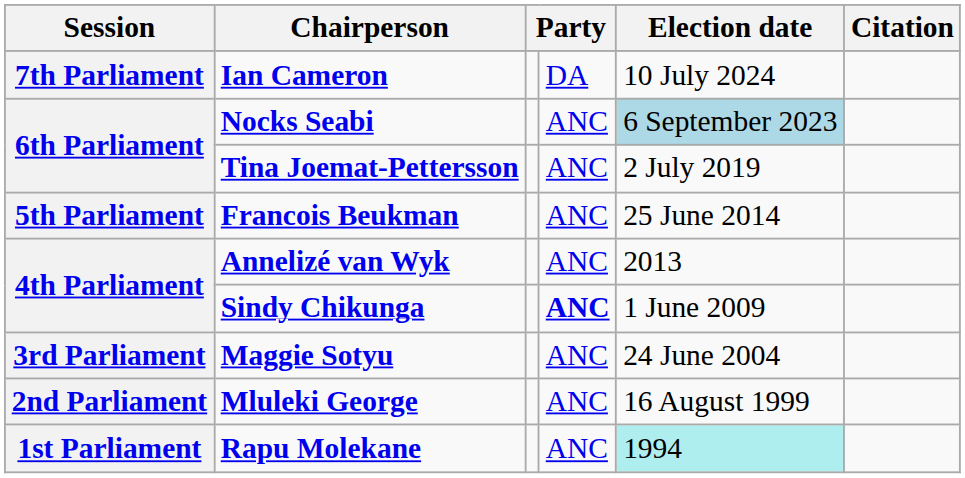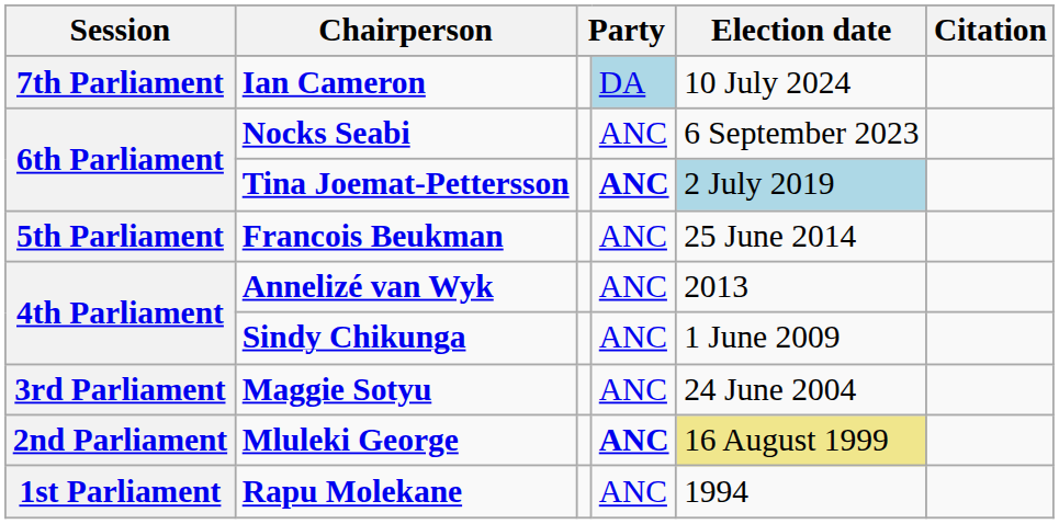 <table class="wikitable">
 <tr>
 <th>Session</th>
 <th>Chairperson</th>
 <th colspan="2">Party</th>
 <th>Election date</th>
 <th>Citation</th>
 </tr>
 <tr>
 <th><a href='#'>7th Parliament</a></th>
 <td><a href='#'><strong>Ian Cameron</strong></a></td>
 <td></td>
-<td><a href='#'>DA</a></td>
+<td style="background: lightblue;"><a href='#'>DA</a></td>
 <td>10 July 2024</td>
 <td></td>
 </tr>
 <tr>
 <th rowspan="2"><a href='#'>6th Parliament</a></th>
 <td><strong><a href='#'>Nocks Seabi</a></strong></td>
 <td></td>
 <td><a href='#'>ANC</a></td>
-<td style="background: lightblue;">6 September 2023</td>
+<td>6 September 2023</td>
 <td></td>
 </tr>
 <tr>
 <td><strong><a href='#'>Tina Joemat-Pettersson</a></strong></td>
 <td></td>
-<td><a href='#'>ANC</a></td>
-<td>2 July 2019</td>
+<td><strong><a href='#'>ANC</a></strong></td>
+<td style="background: lightblue;">2 July 2019</td>
 <td></td>
 </tr>
 <tr>
 <th><a href='#'>5th Parliament</a></th>
 <td><strong><a href='#'>Francois Beukman</a></strong></td>
 <td></td>
 <td><a href='#'>ANC</a></td>
 <td>25 June 2014</td>
 <td></td>
 </tr>
 <tr>
 <th rowspan="2"><a href='#'>4th Parliament</a></th>
 <td><strong><a href='#'>Annelizé van Wyk</a></strong></td>
 <td></td>
 <td><a href='#'>ANC</a></td>
 <td>2013</td>
 <td></td>
 </tr>
 <tr>
 <td><strong><a href='#'>Sindy Chikunga</a></strong></td>
 <td></td>
-<td><strong><a href='#'>ANC</a></strong></td>
+<td><a href='#'>ANC</a></td>
 <td>1 June 2009</td>
 <td></td>
 </tr>
 <tr>
 <th><a href='#'>3rd Parliament</a></th>
 <td><strong><a href='#'>Maggie Sotyu</a></strong></td>
 <td></td>
 <td><a href='#'>ANC</a></td>
 <td>24 June 2004</td>
 <td></td>
 </tr>
 <tr>
 <th><a href='#'>2nd Parliament</a></th>
 <td><strong><a href='#'>Mluleki George</a></strong></td>
 <td></td>
-<td><a href='#'>ANC</a></td>
-<td>16 August 1999</td>
+<td><strong><a href='#'>ANC</a></strong></td>
+<td style="background: khaki;">16 August 1999</td>
 <td></td>
 </tr>
 <tr>
 <th><a href='#'>1st Parliament</a></th>
 <td><strong><a href='#'>Rapu Molekane</a></strong></td>
 <td></td>
 <td><a href='#'>ANC</a></td>
-<td style="background: paleturquoise;">1994</td>
+<td>1994</td>
 <td></td>
 </tr>
 </table>
